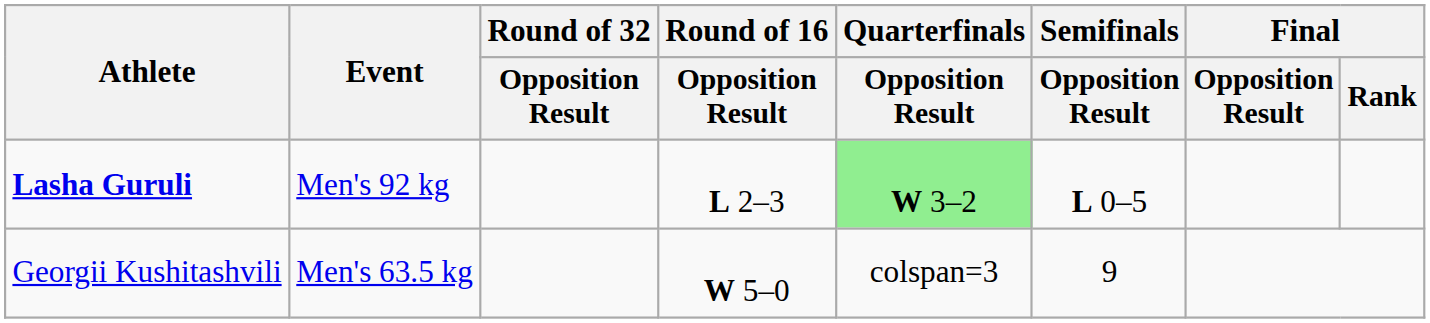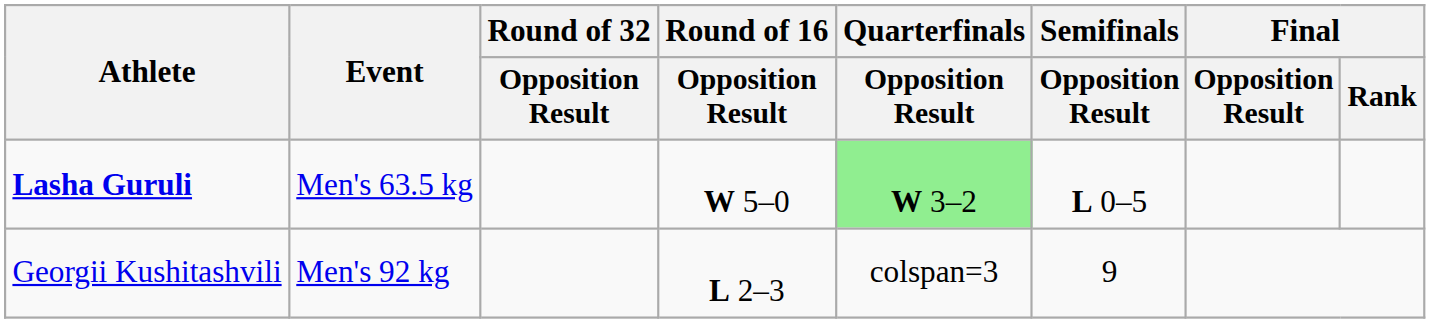 <table class="wikitable" style="font-size:90%">
 <tr>
 <th rowspan="2">Athlete</th>
 <th rowspan="2">Event</th>
 <th>Round of 32</th>
 <th>Round of 16</th>
 <th>Quarterfinals</th>
 <th>Semifinals</th>
 <th colspan=2>Final</th>
 </tr>
 <tr style="font-size:95%">
 <th>Opposition<br>Result</th>
 <th>Opposition<br>Result</th>
 <th>Opposition<br>Result</th>
 <th>Opposition<br>Result</th>
 <th>Opposition<br>Result</th>
 <th>Rank</th>
 </tr>
 <tr align=center>
 <td align=left><strong><a href='#'>Lasha Guruli</a></strong></td>
-<td align=left><a href='#'>Men's 92 kg</a></td>
+<td align=left><a href='#'>Men's 63.5 kg</a></td>
 <td></td>
-<td><br><strong>L</strong> 2–3</td>
+<td><br><strong>W</strong> 5–0</td>
 <td style="background: lightgreen;"><br><strong>W</strong> 3–2</td>
 <td><br><strong>L</strong> 0–5</td>
 <td></td>
 <td></td>
 </tr>
 <tr align=center>
 <td align=left><a href='#'>Georgii Kushitashvili</a></td>
-<td align=left><a href='#'>Men's 63.5 kg</a></td>
+<td align=left><a href='#'>Men's 92 kg</a></td>
 <td></td>
-<td><br><strong>W</strong> 5–0</td>
+<td><br><strong>L</strong> 2–3</td>
 <td>colspan=3</td>
 <td>9</td>
 </tr>
 </table>
